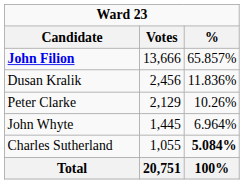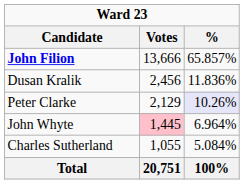 <table class="wikitable">
 <tr>
 <td Colspan="3" align="center"><strong>Ward 23</strong></td>
 </tr>
 <tr>
 <th bgcolor="#DDDDFF" width="150px">Candidate</th>
 <th bgcolor="#DDDDFF">Votes</th>
 <th bgcolor="#DDDDFF">%</th>
 </tr>
 <tr>
 <td><strong><a href='#'>John Filion</a></strong></td>
 <td align=right>13,666</td>
 <td align=right>65.857%</td>
 </tr>
 <tr>
 <td>Dusan Kralik</td>
 <td align=right>2,456</td>
 <td align=right>11.836%</td>
 </tr>
 <tr>
 <td>Peter Clarke</td>
 <td align=right>2,129</td>
-<td align=right>10.26%</td>
+<td align=right style="background: lavender;">10.26%</td>
 </tr>
 <tr>
 <td>John Whyte</td>
-<td align=right>1,445</td>
+<td align=right style="background: pink;">1,445</td>
 <td align=right>6.964%</td>
 </tr>
 <tr>
 <td>Charles Sutherland</td>
 <td align=right>1,055</td>
-<td align=right><strong>5.084%</strong></td>
+<td align=right>5.084%</td>
 </tr>
 <tr>
 <th>Total</th>
 <th align=right>20,751</th>
 <th align=right>100%</th>
 </tr>
 </table>
